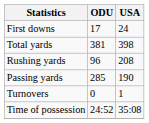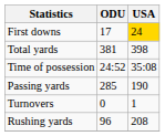 <table class="wikitable" style="float: left;">
 <tr>
 <th>Statistics</th>
 <th>ODU</th>
 <th>USA</th>
 </tr>
 <tr>
 <td>First downs</td>
 <td>17</td>
-<td>24</td>
+<td style="background: gold;">24</td>
 </tr>
 <tr>
 <td>Total yards</td>
 <td>381</td>
 <td>398</td>
 </tr>
 <tr>
-<td>Rushing yards</td>
-<td>96</td>
-<td>208</td>
+<td>Time of possession</td>
+<td>24:52</td>
+<td>35:08</td>
 </tr>
 <tr>
 <td>Passing yards</td>
 <td>285</td>
 <td>190</td>
 </tr>
 <tr>
 <td>Turnovers</td>
 <td>0</td>
 <td>1</td>
 </tr>
 <tr>
-<td>Time of possession</td>
-<td>24:52</td>
-<td>35:08</td>
+<td>Rushing yards</td>
+<td>96</td>
+<td>208</td>
 </tr>
 <tr>
 </tr>
 </table>
